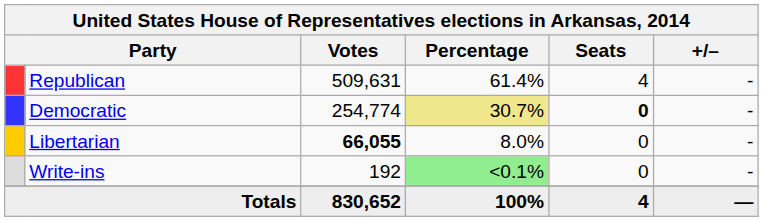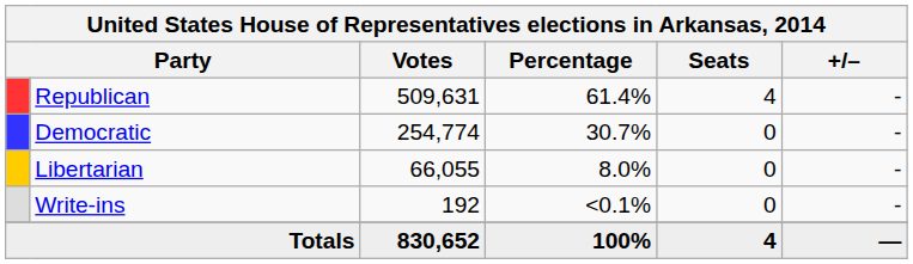 <table class="wikitable" style="font-size: 95%;">
 <tr>
 <th colspan="6">United States House of Representatives elections in Arkansas, 2014</th>
 </tr>
 <tr>
 <th colspan=2 style="width: 15em">Party</th>
 <th style="width: 5em">Votes</th>
 <th style="width: 7em">Percentage</th>
 <th style="width: 5em">Seats</th>
 <th style="width: 5em">+/–</th>
 </tr>
 <tr>
 <th style="background-color:#FF3333; width: 3px"></th>
 <td style="width: 130px"><a href='#'>Republican</a></td>
 <td align="right">509,631</td>
 <td align="right">61.4%</td>
 <td align="right">4</td>
 <td align="right">-</td>
 </tr>
 <tr>
 <th style="background-color:#3333FF; width: 3px"></th>
 <td style="width: 130px"><a href='#'>Democratic</a></td>
 <td align="right">254,774</td>
-<td align="right" style="background: khaki;">30.7%</td>
-<td align="right"><strong>0</strong></td>
+<td align="right">30.7%</td>
+<td align="right">0</td>
 <td align="right">-</td>
 </tr>
 <tr>
 <th style="background-color:#FFCC00; width: 3px"></th>
 <td style="width: 130px"><a href='#'>Libertarian</a></td>
-<td align="right"><strong>66,055</strong></td>
+<td align="right">66,055</td>
 <td align="right">8.0%</td>
 <td align="right">0</td>
 <td align="right">-</td>
 </tr>
 <tr>
 <th style="background-color:#DDDDDD; width: 3px"></th>
 <td style="width: 130px"><a href='#'>Write-ins</a></td>
 <td align="right">192</td>
-<td align="right" style="background: lightgreen;"><0.1%</td>
+<td align="right"><0.1%</td>
 <td align="right">0</td>
 <td align="right">-</td>
 </tr>
 <tr>
 </tr>
 <tr bgcolor="#EEEEEE">
 <td colspan="2" align="right"><strong>Totals</strong></td>
 <td align="right"><strong>830,652</strong></td>
 <td align="right"><strong>100%</strong></td>
 <td align="right"><strong>4</strong></td>
 <td align="right"><strong>—</strong></td>
 </tr>
 </table>
